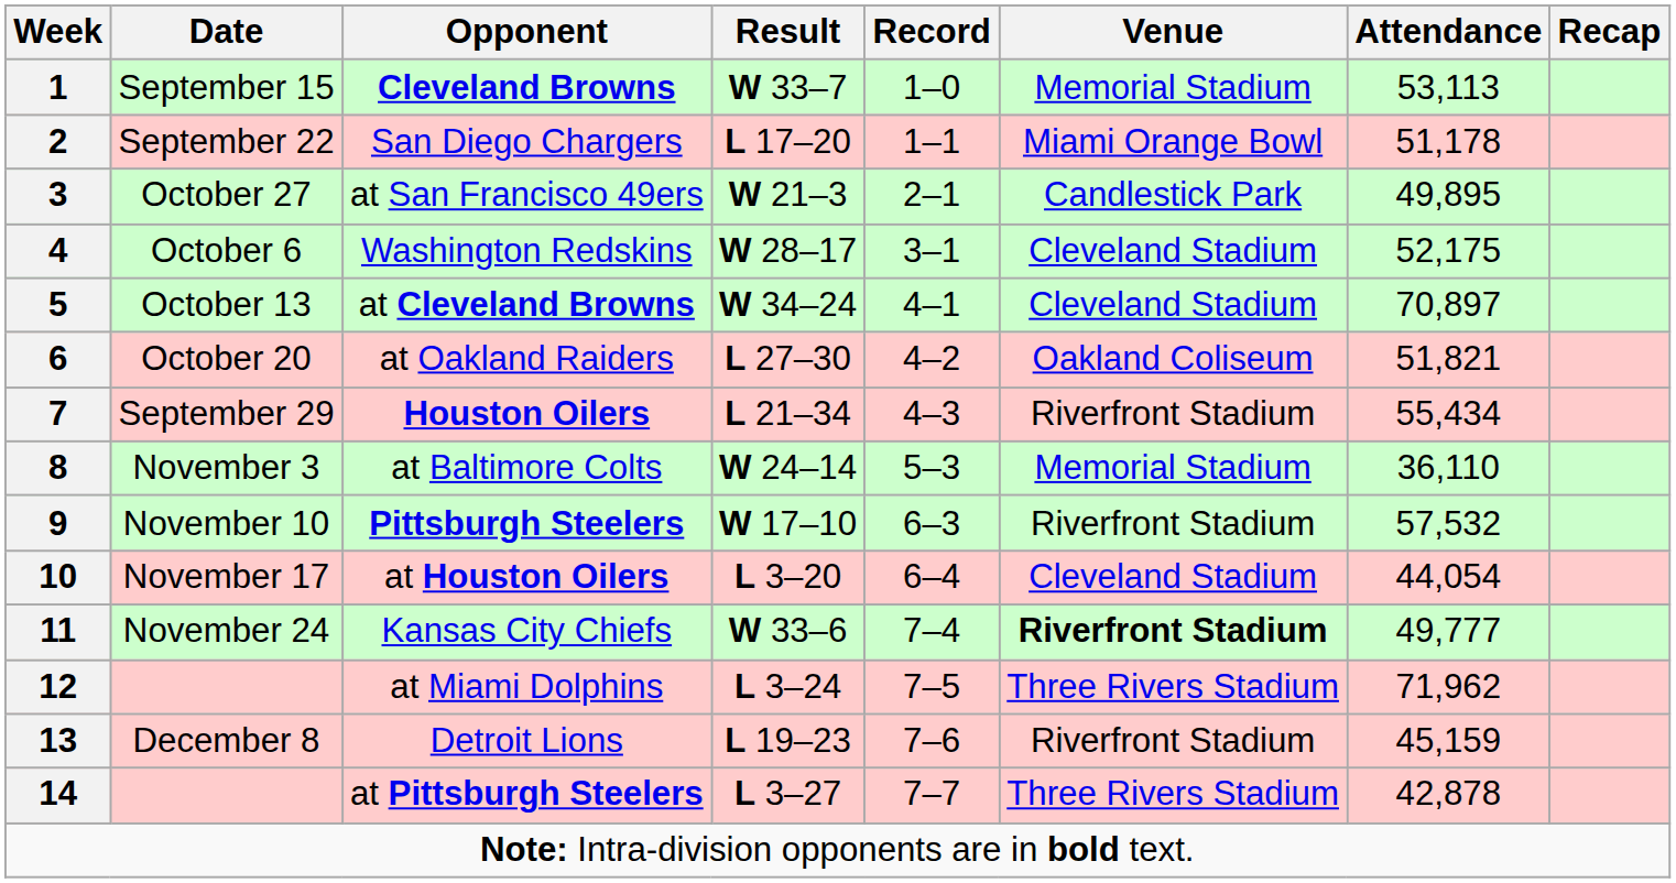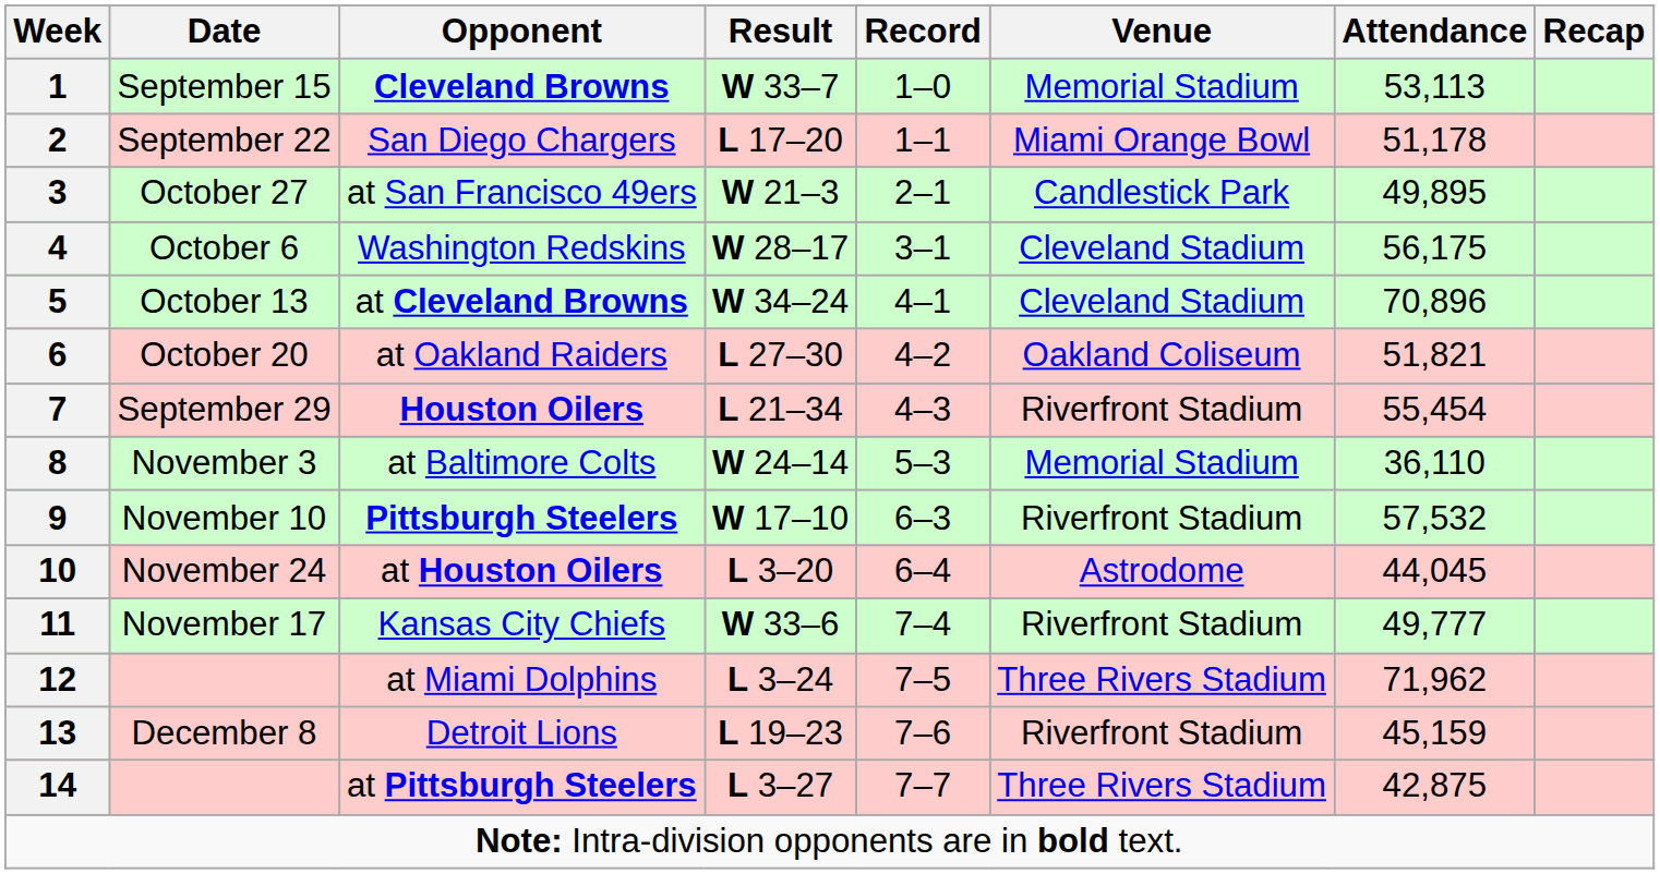 <table class="wikitable" style="text-align:center">
 <tr>
 <th>Week</th>
 <th>Date</th>
 <th>Opponent</th>
 <th>Result</th>
 <th>Record</th>
 <th>Venue</th>
 <th>Attendance</th>
 <th>Recap</th>
 </tr>
 <tr style="background:#cfc">
 <th>1</th>
 <td>September 15</td>
 <td><strong><a href='#'>Cleveland Browns</a></strong></td>
 <td><strong>W</strong> 33–7</td>
 <td>1–0</td>
 <td><a href='#'>Memorial Stadium</a></td>
 <td>53,113</td>
 <td></td>
 </tr>
 <tr style="background:#fcc">
 <th>2</th>
 <td>September 22</td>
 <td><a href='#'>San Diego Chargers</a></td>
 <td><strong>L</strong> 17–20</td>
 <td>1–1</td>
 <td><a href='#'>Miami Orange Bowl</a></td>
 <td>51,178</td>
 <td></td>
 </tr>
 <tr style="background:#cfc">
 <th>3</th>
 <td>October 27</td>
 <td>at <a href='#'>San Francisco 49ers</a></td>
 <td><strong>W</strong> 21–3</td>
 <td>2–1</td>
 <td><a href='#'>Candlestick Park</a></td>
 <td>49,895</td>
 <td></td>
 </tr>
 <tr style="background:#cfc">
 <th>4</th>
 <td>October 6</td>
 <td><a href='#'>Washington Redskins</a></td>
 <td><strong>W</strong> 28–17</td>
 <td>3–1</td>
 <td><a href='#'>Cleveland Stadium</a></td>
-<td>52,175</td>
+<td>56,175</td>
 <td></td>
 </tr>
 <tr style="background:#cfc">
 <th>5</th>
 <td>October 13</td>
 <td>at <strong><a href='#'>Cleveland Browns</a></strong></td>
 <td><strong>W</strong> 34–24</td>
 <td>4–1</td>
 <td><a href='#'>Cleveland Stadium</a></td>
-<td>70,897</td>
+<td>70,896</td>
 <td></td>
 </tr>
 <tr style="background:#fcc">
 <th>6</th>
 <td>October 20</td>
 <td>at <a href='#'>Oakland Raiders</a></td>
 <td><strong>L</strong> 27–30</td>
 <td>4–2</td>
 <td><a href='#'>Oakland Coliseum</a></td>
 <td>51,821</td>
 <td></td>
 </tr>
 <tr style="background:#fcc">
 <th>7</th>
 <td>September 29</td>
 <td><strong><a href='#'>Houston Oilers</a></strong></td>
 <td><strong>L</strong> 21–34</td>
 <td>4–3</td>
 <td>Riverfront Stadium</td>
-<td>55,434</td>
+<td>55,454</td>
 <td></td>
 </tr>
 <tr style="background:#cfc">
 <th>8</th>
 <td>November 3</td>
 <td>at <a href='#'>Baltimore Colts</a></td>
 <td><strong>W</strong> 24–14</td>
 <td>5–3</td>
 <td><a href='#'>Memorial Stadium</a></td>
 <td>36,110</td>
 <td></td>
 </tr>
 <tr style="background:#cfc">
 <th>9</th>
 <td>November 10</td>
 <td><strong><a href='#'>Pittsburgh Steelers</a></strong></td>
 <td><strong>W</strong> 17–10</td>
 <td>6–3</td>
 <td>Riverfront Stadium</td>
 <td>57,532</td>
 <td></td>
 </tr>
 <tr style="background:#fcc">
 <th>10</th>
-<td>November 17</td>
+<td>November 24</td>
 <td>at <strong><a href='#'>Houston Oilers</a></strong></td>
 <td><strong>L</strong> 3–20</td>
 <td>6–4</td>
-<td><a href='#'>Cleveland Stadium</a></td>
-<td>44,054</td>
+<td><a href='#'>Astrodome</a></td>
+<td>44,045</td>
 <td></td>
 </tr>
 <tr style="background:#cfc">
 <th>11</th>
-<td>November 24</td>
+<td>November 17</td>
 <td><a href='#'>Kansas City Chiefs</a></td>
 <td><strong>W</strong> 33–6</td>
 <td>7–4</td>
-<td><strong>Riverfront Stadium</strong></td>
+<td>Riverfront Stadium</td>
 <td>49,777</td>
 <td></td>
 </tr>
 <tr style="background:#fcc">
 <th>12</th>
 <td></td>
 <td>at <a href='#'>Miami Dolphins</a></td>
 <td><strong>L</strong> 3–24</td>
 <td>7–5</td>
 <td><a href='#'>Three Rivers Stadium</a></td>
 <td>71,962</td>
 <td></td>
 </tr>
 <tr style="background:#fcc">
 <th>13</th>
 <td>December 8</td>
 <td><a href='#'>Detroit Lions</a></td>
 <td><strong>L</strong> 19–23</td>
 <td>7–6</td>
 <td>Riverfront Stadium</td>
 <td>45,159</td>
 <td></td>
 </tr>
 <tr style="background:#fcc">
 <th>14</th>
 <td></td>
 <td>at <strong><a href='#'>Pittsburgh Steelers</a></strong></td>
 <td><strong>L</strong> 3–27</td>
 <td>7–7</td>
 <td><a href='#'>Three Rivers Stadium</a></td>
-<td>42,878</td>
+<td>42,875</td>
 <td></td>
 </tr>
 <tr>
 <td colspan="8"><strong>Note:</strong> Intra-division opponents are in <strong>bold</strong> text.</td>
 </tr>
 </table>
